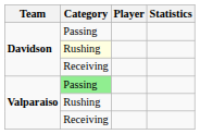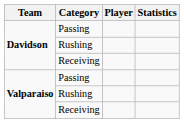 <table class="wikitable" style="float: right;">
 <tr>
 <th>Team</th>
 <th>Category</th>
 <th>Player</th>
 <th>Statistics</th>
 </tr>
 <tr>
 <td rowspan=3><strong>Davidson</strong></td>
 <td>Passing</td>
 <td></td>
 <td></td>
 </tr>
 <tr>
-<td style="background: lightyellow;">Rushing</td>
+<td>Rushing</td>
 <td></td>
 <td></td>
 </tr>
 <tr>
 <td>Receiving</td>
 <td></td>
 <td></td>
 </tr>
 <tr>
 <td rowspan=3><strong>Valparaiso</strong></td>
-<td style="background: lightgreen;">Passing</td>
+<td>Passing</td>
 <td></td>
 <td></td>
 </tr>
 <tr>
 <td>Rushing</td>
 <td></td>
 <td></td>
 </tr>
 <tr>
 <td>Receiving</td>
 <td></td>
 <td></td>
 </tr>
 </table>
